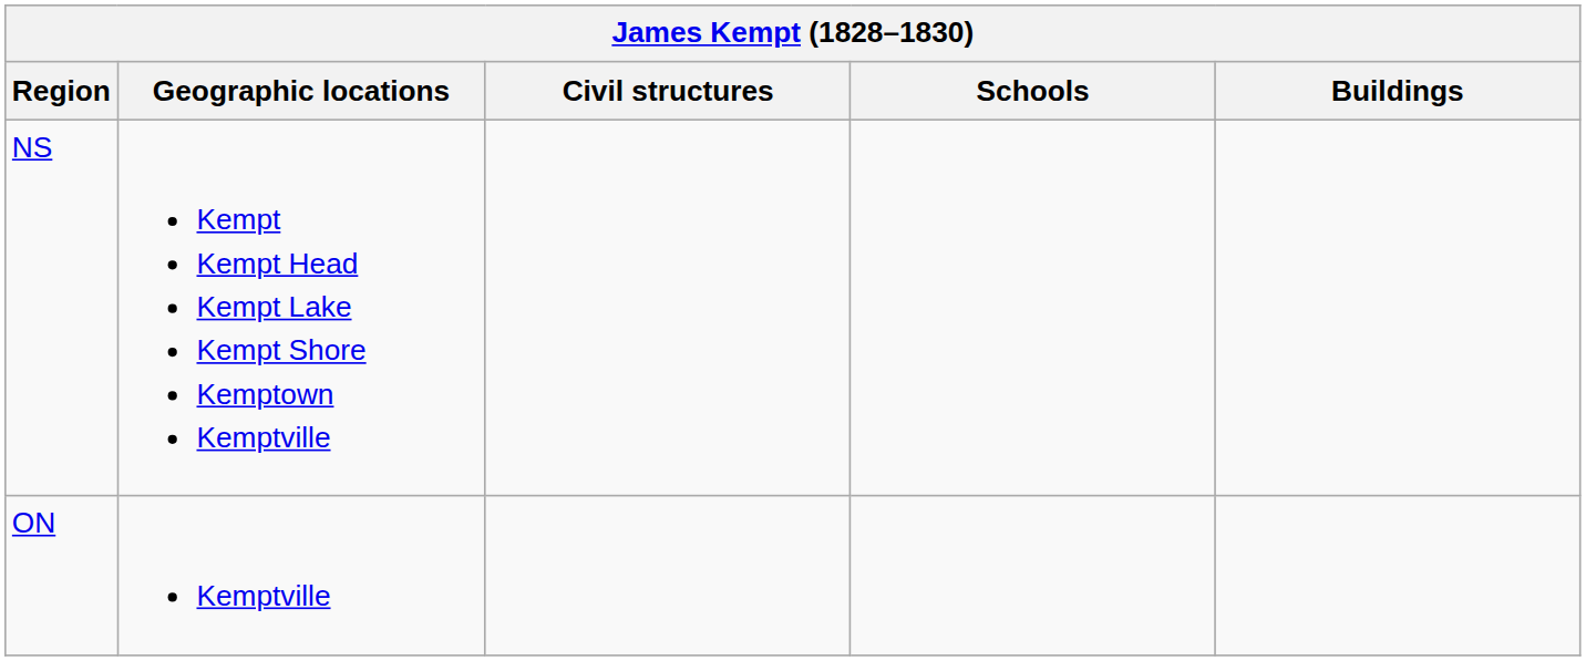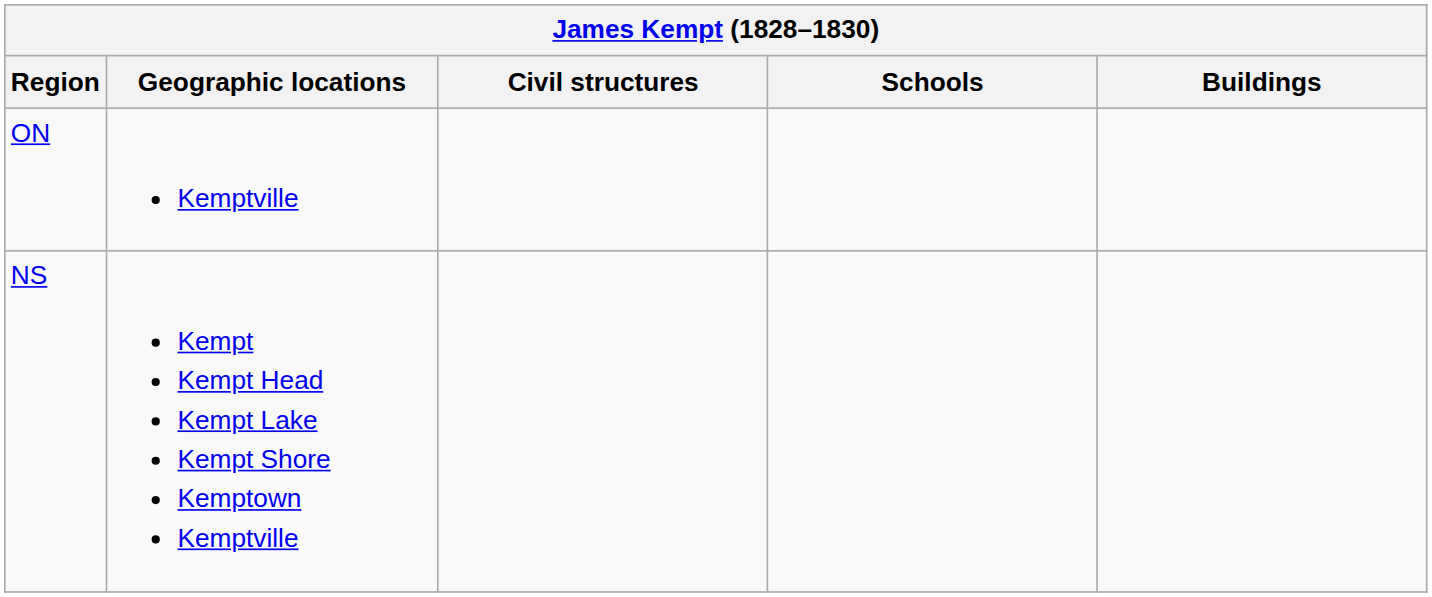 <table class="wikitable sortable" style="font-size:1.00em; line-height:1.5em;">
 <tr>
 <th colspan="5"> <a href='#'>James Kempt</a> (1828–1830)</th>
 </tr>
 <tr>
 <th width="5%">Region</th>
 <th width="23.75%">Geographic locations</th>
 <th width="23.75%">Civil structures</th>
 <th width="23.75%">Schools</th>
 <th width="23.75%">Buildings</th>
 </tr>
 <tr>
+<td align=left valign=top> <a href='#'>ON</a></td>
+<td align=left valign=top><br><ul><li><a href='#'>Kemptville</a></li></ul></td>
+<td></td>
+<td></td>
+<td></td>
+</tr>
+<tr>
 <td align=left valign=top> <a href='#'>NS</a></td>
 <td align=left valign=top><br><ul><li><a href='#'>Kempt</a></li><li><a href='#'>Kempt Head</a></li><li><a href='#'>Kempt Lake</a></li><li><a href='#'>Kempt Shore</a></li><li><a href='#'>Kemptown</a></li><li><a href='#'>Kemptville</a></li></ul></td>
 <td></td>
 <td></td>
 <td></td>
 </tr>
-<tr>
-<td align=left valign=top> <a href='#'>ON</a></td>
-<td align=left valign=top><br><ul><li><a href='#'>Kemptville</a></li></ul></td>
-<td></td>
-<td></td>
-<td></td>
-</tr>
 </table>
